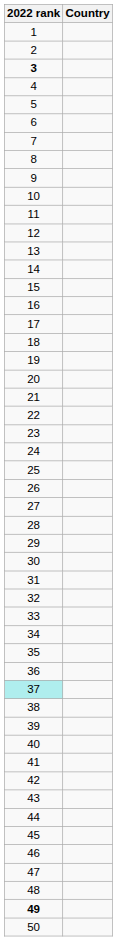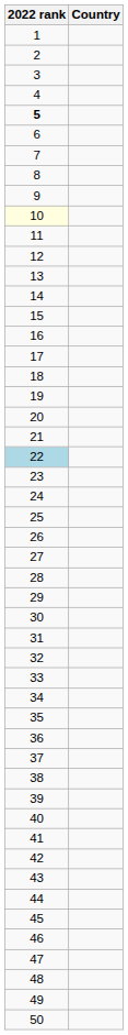 <table class="sortable wikitable" style="text-align:center">
 <tr>
 <th>2022 rank</th>
 <th>Country</th>
 </tr>
 <tr>
 <td>1</td>
 <td style="text-align:left;"></td>
 </tr>
 <tr>
 <td>2</td>
 <td style="text-align:left;"></td>
 </tr>
 <tr>
-<td><strong>3</strong></td>
+<td>3</td>
 <td style="text-align:left;"></td>
 </tr>
 <tr>
 <td>4</td>
 <td style="text-align:left;"></td>
 </tr>
 <tr>
-<td>5</td>
+<td><strong>5</strong></td>
 <td style="text-align:left;"></td>
 </tr>
 <tr>
 <td>6</td>
 <td style="text-align:left;"></td>
 </tr>
 <tr>
 <td>7</td>
 <td style="text-align:left;"></td>
 </tr>
 <tr>
 <td>8</td>
 <td style="text-align:left;"></td>
 </tr>
 <tr>
 <td>9</td>
 <td style="text-align:left;"></td>
 </tr>
 <tr>
-<td>10</td>
+<td style="background: lightyellow;">10</td>
 <td style="text-align:left;"></td>
 </tr>
 <tr>
 <td>11</td>
 <td style="text-align:left;"></td>
 </tr>
 <tr>
 <td>12</td>
 <td style="text-align:left;"></td>
 </tr>
 <tr>
 <td>13</td>
 <td style="text-align:left;"></td>
 </tr>
 <tr>
 <td>14</td>
 <td style="text-align:left;"></td>
 </tr>
 <tr>
 <td>15</td>
 <td style="text-align:left;"></td>
 </tr>
 <tr>
 <td>16</td>
 <td style="text-align:left;"></td>
 </tr>
 <tr>
 <td>17</td>
 <td style="text-align:left;"></td>
 </tr>
 <tr>
 <td>18</td>
 <td style="text-align:left;"></td>
 </tr>
 <tr>
 <td>19</td>
 <td style="text-align:left;"></td>
 </tr>
 <tr>
 <td>20</td>
 <td style="text-align:left;"></td>
 </tr>
 <tr>
 <td>21</td>
 <td style="text-align:left;"></td>
 </tr>
 <tr>
-<td>22</td>
+<td style="background: lightblue;">22</td>
 <td style="text-align:left;"></td>
 </tr>
 <tr>
 <td>23</td>
 <td style="text-align:left;"></td>
 </tr>
 <tr>
 <td>24</td>
 <td style="text-align:left;"></td>
 </tr>
 <tr>
 <td>25</td>
 <td style="text-align:left;"></td>
 </tr>
 <tr>
 <td>26</td>
 <td style="text-align:left;"></td>
 </tr>
 <tr>
 <td>27</td>
 <td style="text-align:left;"></td>
 </tr>
 <tr>
 <td>28</td>
 <td style="text-align:left;"></td>
 </tr>
 <tr>
 <td>29</td>
 <td style="text-align:left;"></td>
 </tr>
 <tr>
 <td>30</td>
 <td style="text-align:left;"></td>
 </tr>
 <tr>
 <td>31</td>
 <td style="text-align:left;"></td>
 </tr>
 <tr>
 <td>32</td>
 <td style="text-align:left;"></td>
 </tr>
 <tr>
 <td>33</td>
 <td style="text-align:left;"></td>
 </tr>
 <tr>
 <td>34</td>
 <td style="text-align:left;"></td>
 </tr>
 <tr>
 <td>35</td>
 <td style="text-align:left;"></td>
 </tr>
 <tr>
 <td>36</td>
 <td style="text-align:left;"></td>
 </tr>
 <tr>
-<td style="background: paleturquoise;">37</td>
+<td>37</td>
 <td style="text-align:left;"></td>
 </tr>
 <tr>
 <td>38</td>
 <td style="text-align:left;"></td>
 </tr>
 <tr>
 <td>39</td>
 <td style="text-align:left;"></td>
 </tr>
 <tr>
 <td>40</td>
 <td style="text-align:left;"></td>
 </tr>
 <tr>
 <td>41</td>
 <td style="text-align:left;"></td>
 </tr>
 <tr>
 <td>42</td>
 <td style="text-align:left;"></td>
 </tr>
 <tr>
 <td>43</td>
 <td style="text-align:left;"></td>
 </tr>
 <tr>
 <td>44</td>
 <td style="text-align:left;"></td>
 </tr>
 <tr>
 <td>45</td>
 <td style="text-align:left;"></td>
 </tr>
 <tr>
 <td>46</td>
 <td style="text-align:left;"></td>
 </tr>
 <tr>
 <td>47</td>
 <td style="text-align:left;"></td>
 </tr>
 <tr>
 <td>48</td>
 <td style="text-align:left;"></td>
 </tr>
 <tr>
-<td><strong>49</strong></td>
+<td>49</td>
 <td style="text-align:left;"></td>
 </tr>
 <tr>
 <td>50</td>
 <td style="text-align:left;"></td>
 </tr>
 </table>
